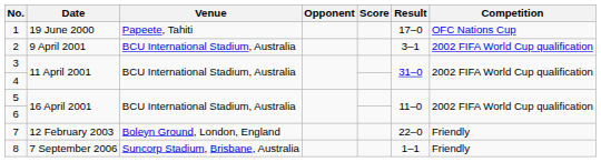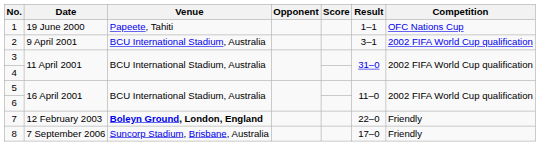 <table class="wikitable sortable">
 <tr>
 <th scope="col">No.</th>
 <th scope="col">Date</th>
 <th scope="col">Venue</th>
 <th scope="col">Opponent</th>
 <th scope="col">Score</th>
 <th scope="col">Result</th>
 <th scope="col">Competition</th>
 </tr>
 <tr>
 <td style="text-align:center">1</td>
 <td>19 June 2000</td>
 <td><a href='#'>Papeete</a>, Tahiti</td>
 <td></td>
 <td></td>
-<td style="text-align:center">17–0</td>
+<td style="text-align:center">1–1</td>
 <td><a href='#'>OFC Nations Cup</a></td>
 </tr>
 <tr>
 <td style="text-align:center">2</td>
 <td>9 April 2001</td>
 <td><a href='#'>BCU International Stadium</a>, Australia</td>
 <td></td>
 <td></td>
 <td style="text-align:center">3–1</td>
 <td><a href='#'>2002 FIFA World Cup qualification</a></td>
 </tr>
 <tr>
 <td style="text-align:center">3</td>
 <td rowspan="2">11 April 2001</td>
 <td rowspan="2">BCU International Stadium, Australia</td>
 <td rowspan="2"></td>
 <td></td>
 <td rowspan="2" style="text-align:center"><a href='#'>31–0</a></td>
 <td rowspan="2">2002 FIFA World Cup qualification</td>
 </tr>
 <tr>
 <td style="text-align:center">4</td>
 <td></td>
 </tr>
 <tr>
 <td style="text-align:center">5</td>
 <td rowspan="2">16 April 2001</td>
 <td rowspan="2">BCU International Stadium, Australia</td>
 <td rowspan="2"></td>
 <td></td>
 <td rowspan="2" style="text-align:center">11–0</td>
 <td rowspan="2">2002 FIFA World Cup qualification</td>
 </tr>
 <tr>
 <td style="text-align:center">6</td>
 <td></td>
 </tr>
 <tr>
 <td style="text-align:center">7</td>
 <td>12 February 2003</td>
-<td><a href='#'>Boleyn Ground</a>, London, England</td>
+<td><strong><a href='#'>Boleyn Ground</a>, London, England</strong></td>
 <td></td>
 <td></td>
 <td style="text-align:center">22–0</td>
 <td>Friendly</td>
 </tr>
 <tr>
 <td style="text-align:center">8</td>
 <td>7 September 2006</td>
 <td><a href='#'>Suncorp Stadium</a>, <a href='#'>Brisbane</a>, Australia</td>
 <td></td>
 <td></td>
-<td style="text-align:center">1–1</td>
+<td style="text-align:center">17–0</td>
 <td>Friendly</td>
 </tr>
 </table>
